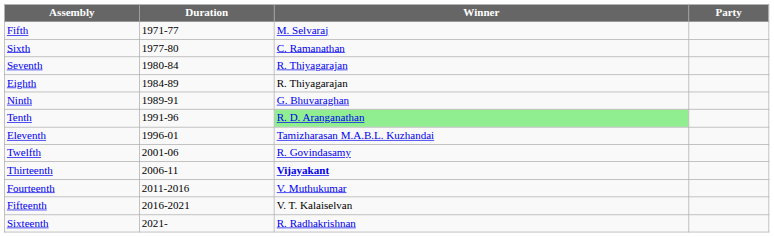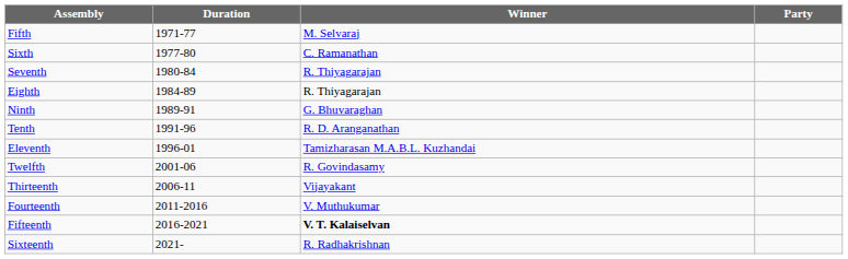 <table class="wikitable" width="70%">
 <tr>
 <th style="background-color:#666666; color:white">Assembly</th>
 <th style="background-color:#666666; color:white">Duration</th>
 <th style="background-color:#666666; color:white">Winner</th>
 <th style="background-color:#666666; color:white" colspan="2">Party</th>
 </tr>
 <tr>
 <td><a href='#'>Fifth</a></td>
 <td>1971-77</td>
 <td><a href='#'>M. Selvaraj</a></td>
 <td></td>
 </tr>
 <tr>
 <td><a href='#'>Sixth</a></td>
 <td>1977-80</td>
 <td><a href='#'>C. Ramanathan</a></td>
 <td></td>
 </tr>
 <tr>
 <td><a href='#'>Seventh</a></td>
 <td>1980-84</td>
 <td><a href='#'>R. Thiyagarajan</a></td>
 <td></td>
 </tr>
 <tr>
 <td><a href='#'>Eighth</a></td>
 <td>1984-89</td>
 <td>R. Thiyagarajan</td>
 <td></td>
 </tr>
 <tr>
 <td><a href='#'>Ninth</a></td>
 <td>1989-91</td>
 <td><a href='#'>G. Bhuvaraghan</a></td>
 <td></td>
 </tr>
 <tr>
 <td><a href='#'>Tenth</a></td>
 <td>1991-96</td>
-<td style="background: lightgreen;"><a href='#'>R. D. Aranganathan</a></td>
+<td><a href='#'>R. D. Aranganathan</a></td>
 <td></td>
 </tr>
 <tr>
 <td><a href='#'>Eleventh</a></td>
 <td>1996-01</td>
 <td><a href='#'>Tamizharasan M.A.B.L. Kuzhandai</a></td>
 <td></td>
 </tr>
 <tr>
 <td><a href='#'>Twelfth</a></td>
 <td>2001-06</td>
 <td><a href='#'>R. Govindasamy</a></td>
 <td></td>
 </tr>
 <tr>
 <td><a href='#'>Thirteenth</a></td>
 <td>2006-11</td>
-<td><strong><a href='#'>Vijayakant</a></strong></td>
+<td><a href='#'>Vijayakant</a></td>
 <td></td>
 </tr>
 <tr>
 <td><a href='#'>Fourteenth</a></td>
 <td>2011-2016</td>
 <td><a href='#'>V. Muthukumar</a></td>
 <td></td>
 </tr>
 <tr>
 <td><a href='#'>Fifteenth</a></td>
 <td>2016-2021</td>
-<td>V. T. Kalaiselvan</td>
+<td><strong>V. T. Kalaiselvan</strong></td>
 <td></td>
 </tr>
 <tr>
 <td><a href='#'>Sixteenth</a></td>
 <td>2021-</td>
 <td><a href='#'>R. Radhakrishnan</a></td>
 <td></td>
 </tr>
 </table>
